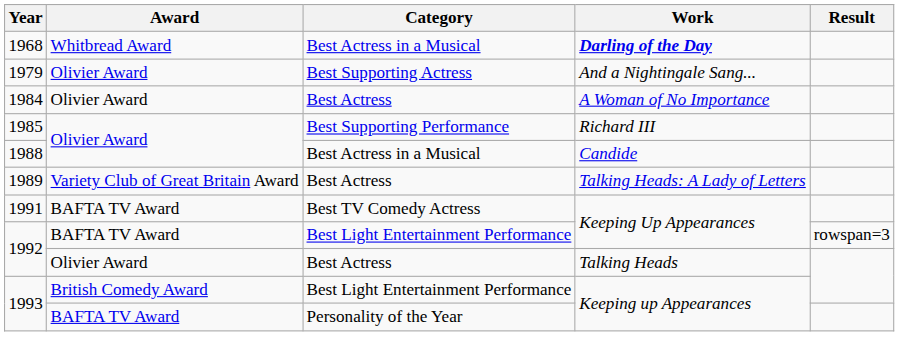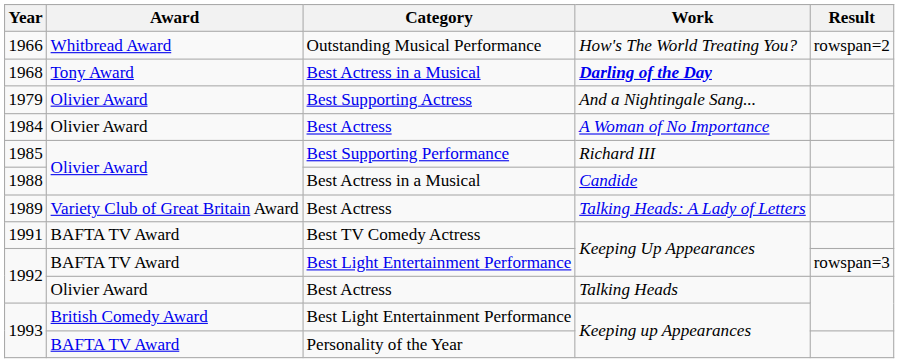 <table class="wikitable">
 <tr>
 <th>Year</th>
 <th>Award</th>
 <th>Category</th>
 <th>Work</th>
 <th>Result</th>
 </tr>
 <tr>
+<td>1966</td>
+<td><a href='#'>Whitbread Award</a></td>
+<td>Outstanding Musical Performance</td>
+<td><em>How's The World Treating You?</em></td>
+<td>rowspan=2 </td>
+</tr>
+<tr>
 <td>1968</td>
-<td><a href='#'>Whitbread Award</a></td>
+<td><a href='#'>Tony Award</a></td>
 <td><a href='#'>Best Actress in a Musical</a></td>
 <td><strong><em><a href='#'>Darling of the Day</a></em></strong></td>
 </tr>
 <tr>
 <td>1979</td>
 <td><a href='#'>Olivier Award</a></td>
 <td><a href='#'>Best Supporting Actress</a></td>
 <td><em>And a Nightingale Sang...</em></td>
 <td></td>
 </tr>
 <tr>
 <td>1984</td>
 <td>Olivier Award</td>
 <td><a href='#'>Best Actress</a></td>
 <td><em><a href='#'>A Woman of No Importance</a></em></td>
 <td></td>
 </tr>
 <tr>
 <td>1985</td>
 <td rowspan=2><a href='#'>Olivier Award</a></td>
 <td><a href='#'>Best Supporting Performance</a></td>
 <td><em>Richard III</em></td>
 <td></td>
 </tr>
 <tr>
 <td>1988</td>
 <td>Best Actress in a Musical</td>
 <td><em><a href='#'>Candide</a></em></td>
 <td></td>
 </tr>
 <tr>
 <td>1989</td>
 <td><a href='#'>Variety Club of Great Britain</a> Award</td>
 <td>Best Actress</td>
 <td><em><a href='#'>Talking Heads: A Lady of Letters</a></em></td>
 <td></td>
 </tr>
 <tr>
 <td>1991</td>
 <td>BAFTA TV Award</td>
 <td>Best TV Comedy Actress</td>
 <td rowspan=2><em>Keeping Up Appearances</em></td>
 <td></td>
 </tr>
 <tr>
 <td rowspan=2>1992</td>
 <td>BAFTA TV Award</td>
 <td><a href='#'>Best Light Entertainment Performance</a></td>
 <td>rowspan=3 </td>
 </tr>
 <tr>
 <td>Olivier Award</td>
 <td>Best Actress</td>
 <td><em>Talking Heads</em></td>
 </tr>
 <tr>
 <td rowspan=2>1993</td>
 <td><a href='#'>British Comedy Award</a></td>
 <td>Best Light Entertainment Performance</td>
 <td rowspan=2><em>Keeping up Appearances</em></td>
 </tr>
 <tr>
 <td><a href='#'>BAFTA TV Award</a></td>
 <td>Personality of the Year</td>
 <td></td>
 </tr>
 </table>
